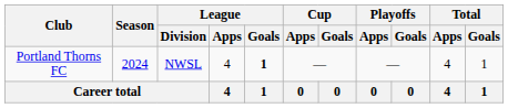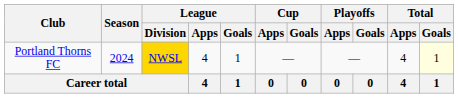 <table class="wikitable" style="text-align: center;">
 <tr>
 <th rowspan="2">Club</th>
 <th rowspan="2">Season</th>
 <th colspan="3">League</th>
 <th colspan="2">Cup</th>
 <th colspan="2">Playoffs</th>
 <th colspan="2">Total</th>
 </tr>
 <tr>
 <th>Division</th>
 <th>Apps</th>
 <th>Goals</th>
 <th>Apps</th>
 <th>Goals</th>
 <th>Apps</th>
 <th>Goals</th>
 <th>Apps</th>
 <th>Goals</th>
 </tr>
 <tr>
 <td><a href='#'>Portland Thorns FC</a></td>
 <td><a href='#'>2024</a></td>
-<td><a href='#'>NWSL</a></td>
+<td style="background: gold;"><a href='#'>NWSL</a></td>
 <td>4</td>
-<td><strong>1</strong></td>
+<td>1</td>
 <td colspan="2">—</td>
 <td colspan="2">—</td>
 <td>4</td>
-<td>1</td>
+<td style="background: lightyellow;">1</td>
 </tr>
 <tr>
 <th colspan="3">Career total</th>
 <th>4</th>
 <th>1</th>
 <th>0</th>
 <th>0</th>
 <th>0</th>
 <th>0</th>
 <th>4</th>
 <th>1</th>
 </tr>
 </table>
